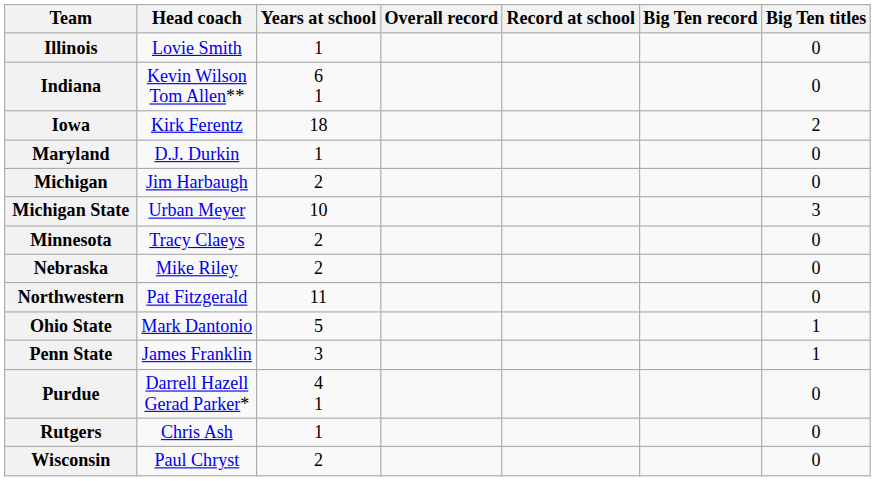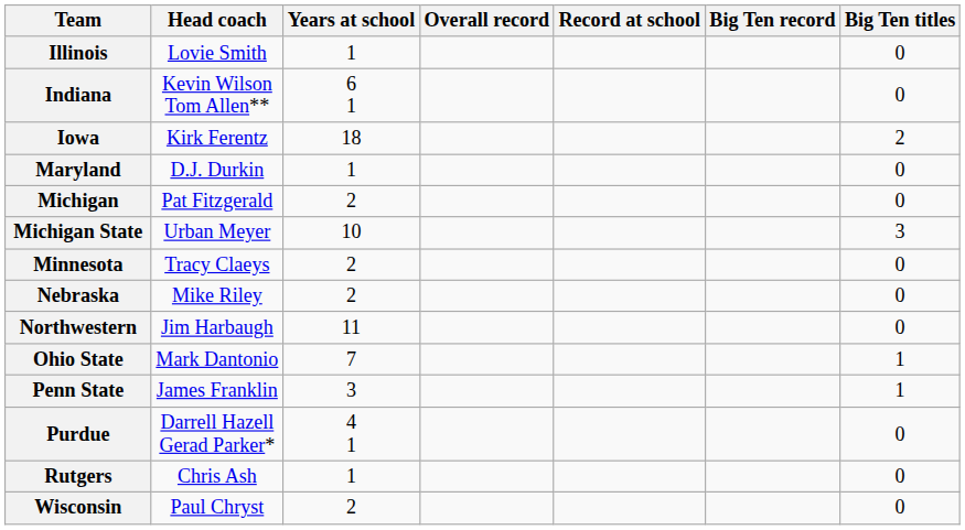 <table class="wikitable sortable" style="text-align: center;">
 <tr>
 <th width="110">Team</th>
 <th>Head coach</th>
 <th>Years at school</th>
 <th>Overall record</th>
 <th>Record at school</th>
 <th>Big Ten record</th>
 <th>Big Ten titles</th>
 </tr>
 <tr>
 <th style="background:#">Illinois</th>
 <td><a href='#'>Lovie Smith</a></td>
 <td>1</td>
 <td></td>
 <td></td>
 <td></td>
 <td>0</td>
 </tr>
 <tr>
 <th style=>Indiana</th>
 <td><a href='#'>Kevin Wilson</a><br><a href='#'>Tom Allen</a>**</td>
 <td>6<br>1</td>
 <td><br> </td>
 <td><br> </td>
 <td><br> </td>
 <td>0</td>
 </tr>
 <tr>
 <th style=>Iowa</th>
 <td><a href='#'>Kirk Ferentz</a></td>
 <td>18</td>
 <td></td>
 <td></td>
 <td></td>
 <td>2</td>
 </tr>
 <tr>
 <th style=>Maryland</th>
 <td><a href='#'>D.J. Durkin</a></td>
 <td>1</td>
 <td></td>
 <td></td>
 <td></td>
 <td>0</td>
 </tr>
 <tr>
 <th style=>Michigan</th>
-<td><a href='#'>Jim Harbaugh</a></td>
+<td><a href='#'>Pat Fitzgerald</a></td>
 <td>2</td>
 <td></td>
 <td></td>
 <td></td>
 <td>0</td>
 </tr>
 <tr>
 <th style=>Michigan State</th>
 <td><a href='#'>Urban Meyer</a></td>
 <td>10</td>
 <td></td>
 <td></td>
 <td></td>
 <td>3</td>
 </tr>
 <tr>
 <th style=>Minnesota</th>
 <td><a href='#'>Tracy Claeys</a></td>
 <td>2</td>
 <td></td>
 <td></td>
 <td></td>
 <td>0</td>
 </tr>
 <tr>
 <th style=>Nebraska</th>
 <td><a href='#'>Mike Riley</a></td>
 <td>2</td>
 <td></td>
 <td></td>
 <td></td>
 <td>0</td>
 </tr>
 <tr>
 <th style=>Northwestern</th>
-<td><a href='#'>Pat Fitzgerald</a></td>
+<td><a href='#'>Jim Harbaugh</a></td>
 <td>11</td>
 <td></td>
 <td></td>
 <td></td>
 <td>0</td>
 </tr>
 <tr>
 <th style=>Ohio State</th>
 <td><a href='#'>Mark Dantonio</a></td>
-<td>5</td>
+<td>7</td>
 <td></td>
 <td></td>
 <td></td>
 <td>1</td>
 </tr>
 <tr>
 <th style=>Penn State</th>
 <td><a href='#'>James Franklin</a></td>
 <td>3</td>
 <td></td>
 <td></td>
 <td></td>
 <td>1</td>
 </tr>
 <tr>
 <th style=>Purdue</th>
 <td><a href='#'>Darrell Hazell</a><br><a href='#'>Gerad Parker</a>*</td>
 <td>4<br>1</td>
 <td><br> </td>
 <td><br> </td>
 <td><br></td>
 <td>0</td>
 </tr>
 <tr>
 <th style=>Rutgers</th>
 <td><a href='#'>Chris Ash</a></td>
 <td>1</td>
 <td></td>
 <td></td>
 <td></td>
 <td>0</td>
 </tr>
 <tr>
 <th style=>Wisconsin</th>
 <td><a href='#'>Paul Chryst</a></td>
 <td>2</td>
 <td></td>
 <td></td>
 <td></td>
 <td>0</td>
 </tr>
 </table>
